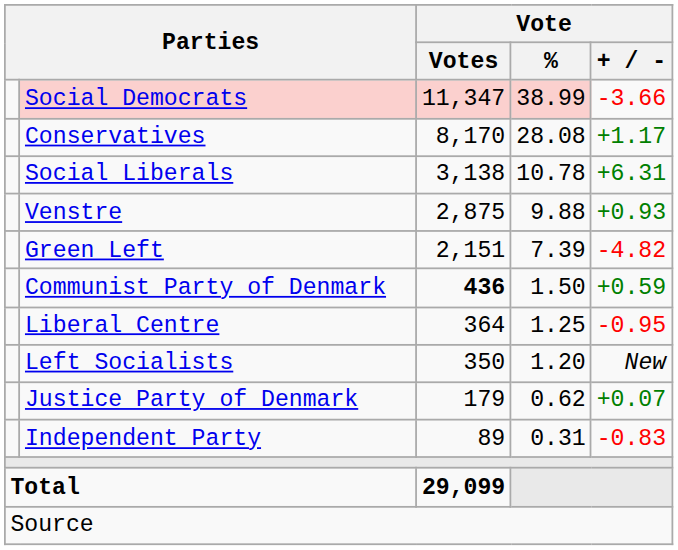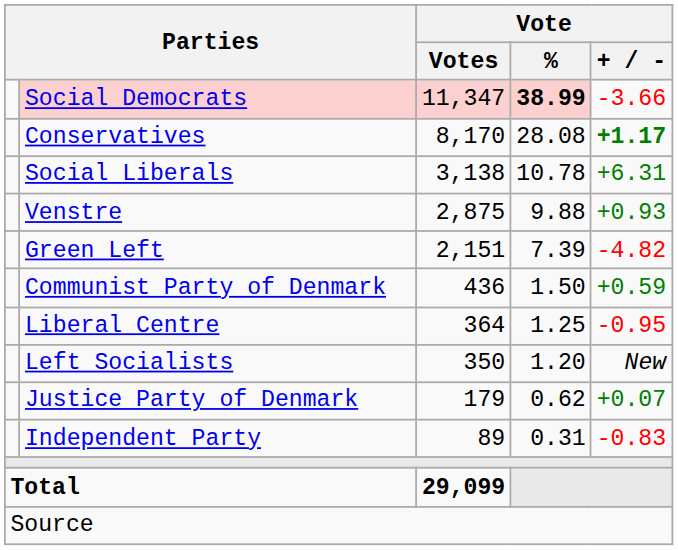 <table class="wikitable" style="text-align:right;">
 <tr>
 <th style="text-align:centre;" rowspan="2" colspan="2" width="225">Parties</th>
 <th colspan="3">Vote</th>
 </tr>
 <tr>
 <th width="15">Votes</th>
 <th width="15">%</th>
 <th width="15">+ / -</th>
 </tr>
 <tr>
 <td width="2" style="color:inherit;background:"></td>
 <td bgcolor=#fbd0ce  align="left"><a href='#'>Social Democrats</a></td>
 <td bgcolor=#fbd0ce>11,347</td>
-<td bgcolor=#fbd0ce>38.99</td>
+<td bgcolor=#fbd0ce><strong>38.99</strong></td>
 <td style=color:red;>-3.66</td>
 </tr>
 <tr>
 <td width="2" style="color:inherit;background:"></td>
 <td align="left"><a href='#'>Conservatives</a></td>
 <td>8,170</td>
 <td>28.08</td>
-<td style=color:green;>+1.17</td>
+<td style=color:green;><strong>+1.17</strong></td>
 </tr>
 <tr>
 <td width="2" style="color:inherit;background:"></td>
 <td align="left"><a href='#'>Social Liberals</a></td>
 <td>3,138</td>
 <td>10.78</td>
 <td style=color:green;>+6.31</td>
 </tr>
 <tr>
 <td width="2" style="color:inherit;background:"></td>
 <td align="left"><a href='#'>Venstre</a></td>
 <td>2,875</td>
 <td>9.88</td>
 <td style=color:green;>+0.93</td>
 </tr>
 <tr>
 <td width="2" style="color:inherit;background:"></td>
 <td align="left"><a href='#'>Green Left</a></td>
 <td>2,151</td>
 <td>7.39</td>
 <td style=color:red;>-4.82</td>
 </tr>
 <tr>
 <td width="2" style="color:inherit;background:"></td>
 <td align="left"><a href='#'>Communist Party of Denmark</a></td>
-<td><strong>436</strong></td>
+<td>436</td>
 <td>1.50</td>
 <td style=color:green;>+0.59</td>
 </tr>
 <tr>
 <td width="2" style="color:inherit;background:"></td>
 <td align="left"><a href='#'>Liberal Centre</a></td>
 <td>364</td>
 <td>1.25</td>
 <td style=color:red;>-0.95</td>
 </tr>
 <tr>
 <td width="2" style="color:inherit;background:"></td>
 <td align="left"><a href='#'>Left Socialists</a></td>
 <td>350</td>
 <td>1.20</td>
 <td><em>New</em></td>
 </tr>
 <tr>
 <td width="2" style="color:inherit;background:"></td>
 <td align="left"><a href='#'>Justice Party of Denmark</a></td>
 <td>179</td>
 <td>0.62</td>
 <td style=color:green;>+0.07</td>
 </tr>
 <tr>
 <td width="2" style="color:inherit;background:"></td>
 <td align="left"><a href='#'>Independent Party</a></td>
 <td>89</td>
 <td>0.31</td>
 <td style=color:red;>-0.83</td>
 </tr>
 <tr>
 <td colspan="7" bgcolor="#E9E9E9"></td>
 </tr>
 <tr>
 <td align="left" colspan="2"><strong>Total</strong></td>
 <td><strong>29,099</strong></td>
 <td bgcolor="#E9E9E9" colspan="2"></td>
 </tr>
 <tr>
 <td align="left" colspan="6">Source</td>
 </tr>
 </table>
